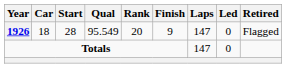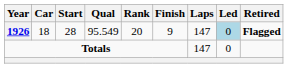 <table class="wikitable" style="text-align:center">
 <tr>
 <th>Year</th>
 <th>Car</th>
 <th>Start</th>
 <th>Qual</th>
 <th>Rank</th>
 <th>Finish</th>
 <th>Laps</th>
 <th>Led</th>
 <th>Retired</th>
 </tr>
 <tr>
 <th><a href='#'>1926</a></th>
 <td>18</td>
 <td>28</td>
 <td>95.549</td>
 <td>20</td>
 <td>9</td>
 <td>147</td>
-<td>0</td>
-<td>Flagged</td>
+<td style="background: lightblue;">0</td>
+<td><strong>Flagged</strong></td>
 </tr>
 <tr>
 <td colspan=6><strong>Totals</strong></td>
 <td>147</td>
 <td>0</td>
 <td></td>
 </tr>
 <tr>
 <th colspan="9"></th>
 </tr>
 </table>
